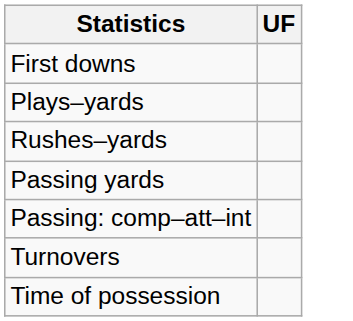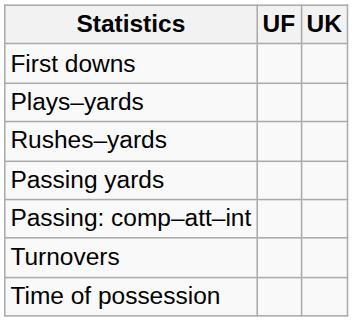 <table class="wikitable" style="float:left">
 <tr>
 <th>Statistics</th>
 <th>UF</th>
+<th>UK</th>
 </tr>
 <tr>
 <td>First downs</td>
+<td></td>
 <td></td>
 </tr>
 <tr>
 <td>Plays–yards</td>
 <td></td>
+<td></td>
 </tr>
 <tr>
 <td>Rushes–yards</td>
+<td></td>
 <td></td>
 </tr>
 <tr>
 <td>Passing yards</td>
 <td></td>
+<td></td>
 </tr>
 <tr>
 <td>Passing: comp–att–int</td>
+<td></td>
 <td></td>
 </tr>
 <tr>
 <td>Turnovers</td>
 <td></td>
+<td></td>
 </tr>
 <tr>
 <td>Time of possession</td>
 <td></td>
+<td></td>
 </tr>
 </table>
